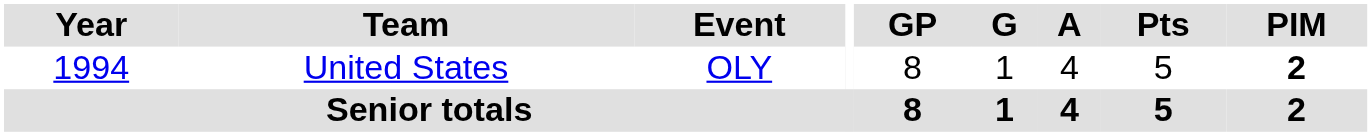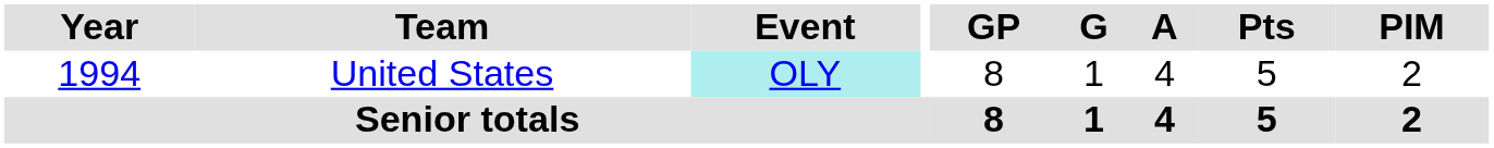 <table border="0" cellpadding="1" cellspacing="0" ID="Table3" style="text-align:center; width:40em">
 <tr bgcolor="#e0e0e0">
 <th>Year</th>
 <th>Team</th>
 <th>Event</th>
 <th rowspan="102" bgcolor="#ffffff"></th>
 <th>GP</th>
 <th>G</th>
 <th>A</th>
 <th>Pts</th>
 <th>PIM</th>
 </tr>
 <tr>
 <td><a href='#'>1994</a></td>
 <td><a href='#'>United States</a></td>
-<td><a href='#'>OLY</a></td>
+<td style="background: paleturquoise;"><a href='#'>OLY</a></td>
 <td>8</td>
 <td>1</td>
 <td>4</td>
 <td>5</td>
-<td><strong>2</strong></td>
+<td>2</td>
 </tr>
 <tr bgcolor="#e0e0e0">
 <th colspan="4">Senior totals</th>
 <th>8</th>
 <th>1</th>
 <th>4</th>
 <th>5</th>
 <th>2</th>
 </tr>
 </table>
